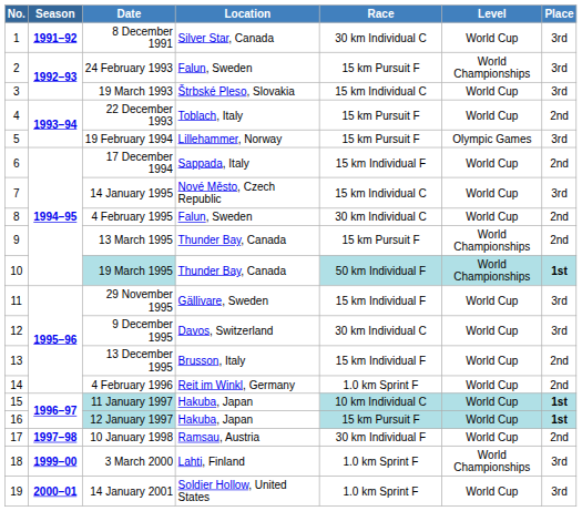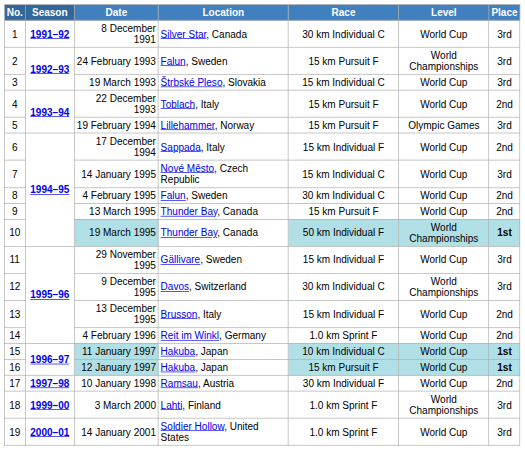 <table class="wikitable sortable" style="font-size:95%; text-align:center; border:grey solid 1px; border-collapse:collapse; background:#ffffff;">
 <tr style="background:#efefef;">
 <th style="background-color:#369; color:white;">No.</th>
 <th style="background-color:#369; color:white;">Season</th>
 <th style="background-color:#4180be; color:white; width:120px;">Date</th>
 <th style="background-color:#4180be; color:white; width:190px;">Location</th>
 <th style="background-color:#4180be; color:white; width:160px;">Race</th>
 <th style="background-color:#4180be; color:white; width:130px;">Level</th>
 <th style="background-color:#4180be; color:white;">Place</th>
 </tr>
 <tr>
 <td align=center>1</td>
 <td rowspan=1 align=center><strong> <a href='#'>1991–92</a> </strong></td>
 <td align=right>8 December 1991</td>
 <td align=left> <a href='#'>Silver Star</a>, Canada</td>
 <td>30 km Individual C</td>
 <td>World Cup</td>
 <td>3rd</td>
 </tr>
 <tr>
 <td align=center>2</td>
 <td rowspan=2 align=center><strong> <a href='#'>1992–93</a> </strong></td>
 <td align=right>24 February 1993</td>
 <td align=left> <a href='#'>Falun</a>, Sweden</td>
 <td>15 km Pursuit F</td>
 <td>World Championships</td>
 <td>3rd</td>
 </tr>
 <tr>
 <td align=center>3</td>
 <td align=right>19 March 1993</td>
 <td align=left> <a href='#'>Štrbské Pleso</a>, Slovakia</td>
 <td>15 km Individual C</td>
 <td>World Cup</td>
 <td>3rd</td>
 </tr>
 <tr>
 <td align=center>4</td>
 <td rowspan=2 align=center><strong> <a href='#'>1993–94</a> </strong></td>
 <td align=right>22 December 1993</td>
 <td align=left> <a href='#'>Toblach</a>, Italy</td>
 <td>15 km Pursuit F</td>
 <td>World Cup</td>
 <td>2nd</td>
 </tr>
 <tr>
 <td align=center>5</td>
 <td align=right>19 February 1994</td>
 <td align=left> <a href='#'>Lillehammer</a>, Norway</td>
 <td>15 km Pursuit F</td>
 <td>Olympic Games</td>
 <td>3rd</td>
 </tr>
 <tr>
 <td align=center>6</td>
 <td rowspan=5 align=center><strong> <a href='#'>1994–95</a> </strong></td>
 <td align=right>17 December 1994</td>
 <td align=left> <a href='#'>Sappada</a>, Italy</td>
 <td>15 km Individual F</td>
 <td>World Cup</td>
 <td>2nd</td>
 </tr>
 <tr>
 <td align=center>7</td>
 <td align=right>14 January 1995</td>
 <td align=left> <a href='#'>Nové Město</a>, Czech Republic</td>
 <td>15 km Individual C</td>
 <td>World Cup</td>
 <td>3rd</td>
 </tr>
 <tr>
 <td align=center>8</td>
 <td align=right>4 February 1995</td>
 <td align=left> <a href='#'>Falun</a>, Sweden</td>
 <td>30 km Individual C</td>
 <td>World Cup</td>
 <td>2nd</td>
 </tr>
 <tr>
 <td align=center>9</td>
 <td align=right>13 March 1995</td>
 <td align=left> <a href='#'>Thunder Bay</a>, Canada</td>
 <td>15 km Pursuit F</td>
-<td>World Championships</td>
+<td>World Cup</td>
 <td>2nd</td>
 </tr>
 <tr>
 <td align=center>10</td>
 <td bgcolor="#BOEOE6" align=right>19 March 1995</td>
 <td align=left> <a href='#'>Thunder Bay</a>, Canada</td>
 <td bgcolor="#BOEOE6">50 km Individual F</td>
 <td bgcolor="#BOEOE6">World Championships</td>
 <td bgcolor="#BOEOE6"><strong>1st</strong></td>
 </tr>
 <tr>
 <td align=center>11</td>
 <td rowspan=4 align=center><strong> <a href='#'>1995–96</a> </strong></td>
 <td align=right>29 November 1995</td>
 <td align=left> <a href='#'>Gällivare</a>, Sweden</td>
 <td>15 km Individual F</td>
 <td>World Cup</td>
 <td>3rd</td>
 </tr>
 <tr>
 <td align=center>12</td>
 <td align=right>9 December 1995</td>
 <td align=left> <a href='#'>Davos</a>, Switzerland</td>
 <td>30 km Individual C</td>
-<td>World Cup</td>
+<td>World Championships</td>
 <td>3rd</td>
 </tr>
 <tr>
 <td align=center>13</td>
 <td align=right>13 December 1995</td>
 <td align=left> <a href='#'>Brusson</a>, Italy</td>
 <td>15 km Individual F</td>
 <td>World Cup</td>
 <td>2nd</td>
 </tr>
 <tr>
 <td align=center>14</td>
 <td align=right>4 February 1996</td>
 <td align=left> <a href='#'>Reit im Winkl</a>, Germany</td>
 <td>1.0 km Sprint F</td>
 <td>World Cup</td>
 <td>2nd</td>
 </tr>
 <tr>
 <td align=center>15</td>
 <td rowspan=2 align=center><strong><a href='#'>1996–97</a></strong></td>
 <td bgcolor="#BOEOE6" align=right>11 January 1997</td>
 <td align=left> <a href='#'>Hakuba</a>, Japan</td>
 <td bgcolor="#BOEOE6">10 km Individual C</td>
 <td bgcolor="#BOEOE6">World Cup</td>
 <td bgcolor="#BOEOE6"><strong>1st</strong></td>
 </tr>
 <tr>
 <td align=center>16</td>
 <td bgcolor="#BOEOE6" align=right>12 January 1997</td>
 <td align=left> <a href='#'>Hakuba</a>, Japan</td>
 <td bgcolor="#BOEOE6">15 km Pursuit F</td>
 <td bgcolor="#BOEOE6">World Cup</td>
 <td bgcolor="#BOEOE6"><strong>1st</strong></td>
 </tr>
 <tr>
 <td align=center>17</td>
 <td rowspan=1 align=center><strong> <a href='#'>1997–98</a> </strong></td>
 <td align=right>10 January 1998</td>
 <td align=left> <a href='#'>Ramsau</a>, Austria</td>
 <td>30 km Individual F</td>
 <td>World Cup</td>
 <td>2nd</td>
 </tr>
 <tr>
 <td align=center>18</td>
 <td rowspan=1 align=center><strong> <a href='#'>1999–00</a> </strong></td>
 <td align=right>3 March 2000</td>
 <td align=left> <a href='#'>Lahti</a>, Finland</td>
 <td>1.0 km Sprint F</td>
 <td>World Championships</td>
 <td>3rd</td>
 </tr>
 <tr>
 <td align=center>19</td>
 <td rowspan=1 align=center><strong> <a href='#'>2000–01</a> </strong></td>
 <td align=right>14 January 2001</td>
 <td align=left> <a href='#'>Soldier Hollow</a>, United States</td>
 <td>1.0 km Sprint F</td>
 <td>World Cup</td>
 <td>3rd</td>
 </tr>
 </table>
